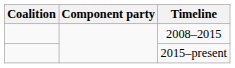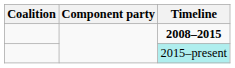 <table class="wikitable">
 <tr>
 <th>Coalition</th>
 <th>Component party</th>
 <th>Timeline</th>
 </tr>
 <tr>
 <td></td>
 <td rowspan=2></td>
-<td align=center>2008–2015</td>
+<td align=center><strong>2008–2015</strong></td>
 </tr>
 <tr>
 <td></td>
-<td align=center>2015–present</td>
+<td align=center style="background: paleturquoise;">2015–present</td>
 </tr>
 </table>
